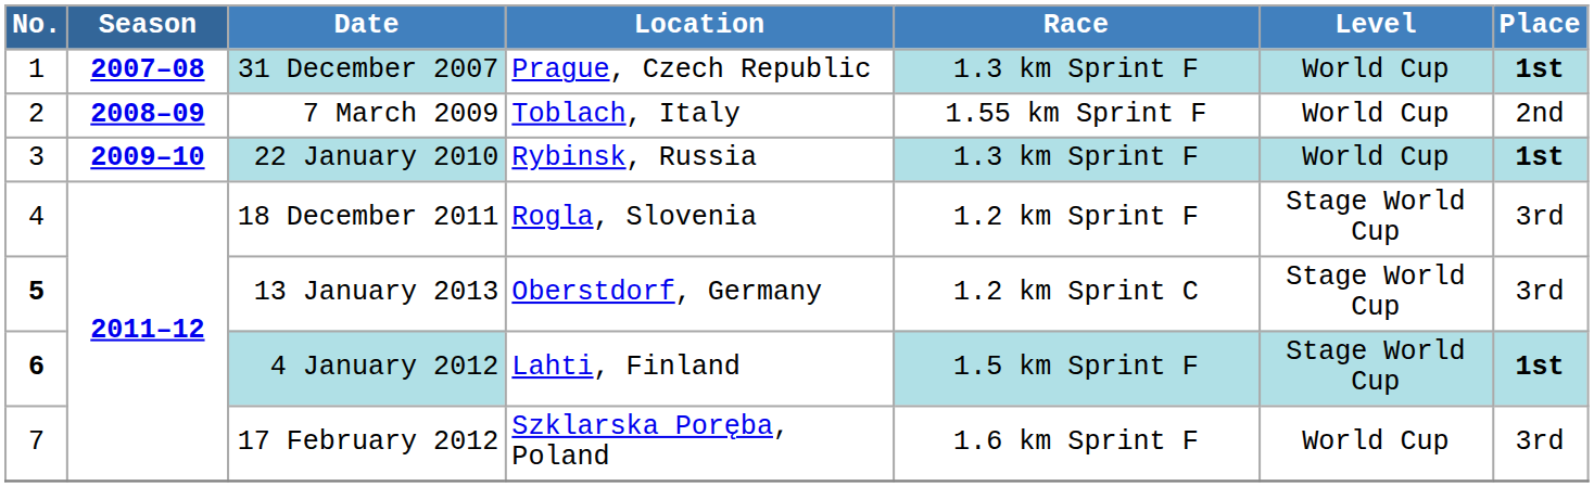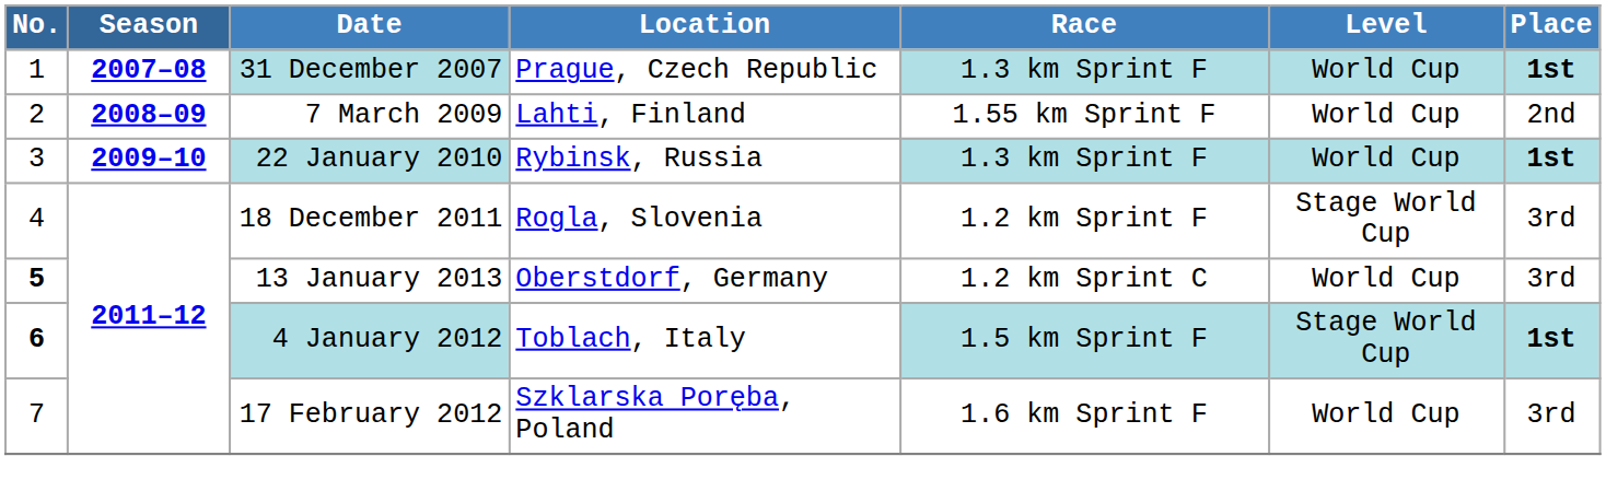 <table class="wikitable sortable" style="font-size:95%; text-align:center; border:grey solid 1px; border-collapse:collapse; background:#ffffff;">
 <tr style="background:#efefef;">
 <th style="background-color:#369; color:white;">No.</th>
 <th style="background-color:#369; color:white;">Season</th>
 <th style="background-color:#4180be; color:white; width:120px;">Date</th>
 <th style="background-color:#4180be; color:white; width:170px;">Location</th>
 <th style="background-color:#4180be; color:white; width:160px;">Race</th>
 <th style="background-color:#4180be; color:white; width:100px;">Level</th>
 <th style="background-color:#4180be; color:white;">Place</th>
 </tr>
 <tr>
 <td align=center>1</td>
 <td rowspan=1 align=center><strong><a href='#'>2007–08</a></strong></td>
 <td bgcolor="#BOEOE6" align=right>31 December 2007</td>
 <td align=left> <a href='#'>Prague</a>, Czech Republic</td>
 <td bgcolor="#BOEOE6">1.3 km Sprint F</td>
 <td bgcolor="#BOEOE6">World Cup</td>
 <td bgcolor="#BOEOE6"><strong>1st</strong></td>
 </tr>
 <tr>
 <td align=center>2</td>
 <td rowspan=1 align=center><strong> <a href='#'>2008–09</a> </strong></td>
 <td align=right>7 March 2009</td>
-<td align=left> <a href='#'>Toblach</a>, Italy</td>
+<td align=left> <a href='#'>Lahti</a>, Finland</td>
 <td>1.55 km Sprint F</td>
 <td>World Cup</td>
 <td>2nd</td>
 </tr>
 <tr>
 <td align=center>3</td>
 <td rowspan=1 align=center><strong><a href='#'>2009–10</a></strong></td>
 <td bgcolor="#BOEOE6" align=right>22 January 2010</td>
 <td align=left> <a href='#'>Rybinsk</a>, Russia</td>
 <td bgcolor="#BOEOE6">1.3 km Sprint F</td>
 <td bgcolor="#BOEOE6">World Cup</td>
 <td bgcolor="#BOEOE6"><strong>1st</strong></td>
 </tr>
 <tr>
 <td align=center>4</td>
 <td rowspan=4 align=center><strong> <a href='#'>2011–12</a> </strong></td>
 <td align=right>18 December 2011</td>
 <td align=left> <a href='#'>Rogla</a>, Slovenia</td>
 <td>1.2 km Sprint F</td>
 <td>Stage World Cup</td>
 <td>3rd</td>
 </tr>
 <tr>
 <td align=center><strong>5</strong></td>
 <td align=right>13 January 2013</td>
 <td align=left> <a href='#'>Oberstdorf</a>, Germany</td>
 <td>1.2 km Sprint C</td>
-<td>Stage World Cup</td>
+<td>World Cup</td>
 <td>3rd</td>
 </tr>
 <tr>
 <td align=center><strong>6</strong></td>
 <td bgcolor="#BOEOE6" align=right>4 January 2012</td>
-<td align=left> <a href='#'>Lahti</a>, Finland</td>
+<td align=left> <a href='#'>Toblach</a>, Italy</td>
 <td bgcolor="#BOEOE6">1.5 km Sprint F</td>
 <td bgcolor="#BOEOE6">Stage World Cup</td>
 <td bgcolor="#BOEOE6"><strong>1st</strong></td>
 </tr>
 <tr>
 <td align=center>7</td>
 <td align=right>17 February 2012</td>
 <td align=left> <a href='#'>Szklarska Poręba</a>, Poland</td>
 <td>1.6 km Sprint F</td>
 <td>World Cup</td>
 <td>3rd</td>
 </tr>
 <tr>
 </tr>
 </table>
